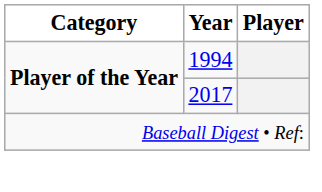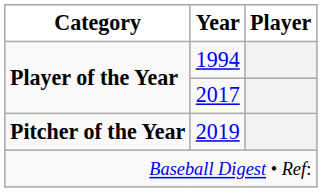 <table class="wikitable sortable plainrowheaders" style="font-size: 90%; style="text-align:center">
 <tr>
 <th scope="col" style="background-color:#ffffff; border-top:#">Category</th>
 <th scope="col" style="background-color:#ffffff; border-top:#">Year</th>
 <th scope="col" style="background-color:#ffffff; border-top:#">Player</th>
 </tr>
 <tr>
 <td scope="row" rowspan="2" style="text-align:left"><strong>Player of the Year</strong></td>
 <td style="text-align:center"><a href='#'>1994</a></td>
 <th scope="row" style="text-align:center"><strong></strong></th>
 </tr>
 <tr>
 <td style="text-align:center"><a href='#'>2017</a></td>
 <th scope="row" style="text-align:center"><strong></strong></th>
 </tr>
+<tr>
+<td scope="row" style="text-align:left"><strong>Pitcher of the Year</strong></td>
+<td style="text-align:center"><a href='#'>2019</a></td>
+<th scope="row" style="text-align:center"><strong></strong></th>
+</tr>
 <tr class="sortbottom">
 <td style="text-align:right"; colspan="3"><small><em><a href='#'>Baseball Digest</a></em> • <em>Ref</em>:</small></td>
 </tr>
 </table>
